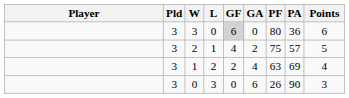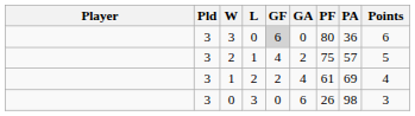 <table class=wikitable style="text-align:center">
 <tr>
 <th width=220>Player</th>
 <th width=20>Pld</th>
 <th width=20>W</th>
 <th width=20>L</th>
 <th width=20>GF</th>
 <th width=20>GA</th>
 <th width=20>PF</th>
 <th width=20>PA</th>
 <th width=50>Points</th>
 </tr>
 <tr>
 <td align=left></td>
 <td>3</td>
 <td>3</td>
 <td>0</td>
 <td style="background: lightgrey;">6</td>
 <td>0</td>
 <td>80</td>
 <td>36</td>
 <td>6</td>
 </tr>
 <tr>
 <td align=left></td>
 <td>3</td>
 <td>2</td>
 <td>1</td>
 <td>4</td>
 <td>2</td>
 <td>75</td>
 <td>57</td>
 <td>5</td>
 </tr>
 <tr>
 <td align=left></td>
 <td>3</td>
 <td>1</td>
 <td>2</td>
 <td>2</td>
 <td>4</td>
-<td>63</td>
+<td>61</td>
 <td>69</td>
 <td>4</td>
 </tr>
 <tr>
 <td align=left></td>
 <td>3</td>
 <td>0</td>
 <td>3</td>
 <td>0</td>
 <td>6</td>
 <td>26</td>
-<td>90</td>
+<td>98</td>
 <td>3</td>
 </tr>
 </table>
